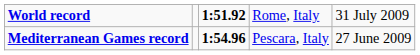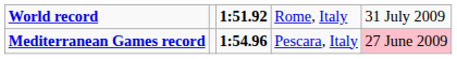 <table class="wikitable">
 <tr>
 <td><strong><a href='#'>World record</a></strong></td>
 <td></td>
 <td><strong>1:51.92</strong></td>
 <td><a href='#'>Rome</a>, <a href='#'>Italy</a></td>
 <td>31 July 2009</td>
 </tr>
 <tr>
 <td><strong><a href='#'>Mediterranean Games record</a></strong></td>
 <td></td>
 <td><strong>1:54.96</strong></td>
 <td><a href='#'>Pescara</a>, <a href='#'>Italy</a></td>
-<td>27 June 2009</td>
+<td style="background: pink;">27 June 2009</td>
 </tr>
 </table>
